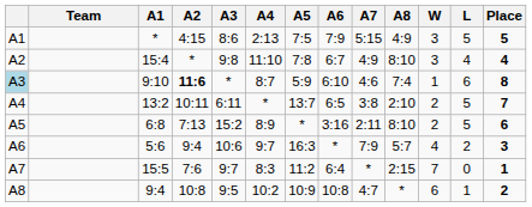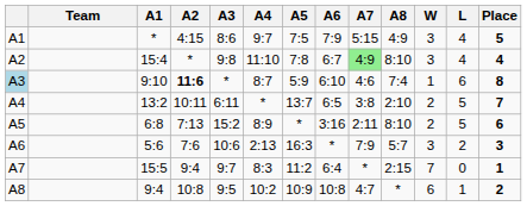 <table class="wikitable" style="text-align:center;">
 <tr>
 <th></th>
 <th width="120">Team</th>
 <th width="25">A1</th>
 <th width="25">A2</th>
 <th width="25">A3</th>
 <th width="25">A4</th>
 <th width="25">A5</th>
 <th width="25">A6</th>
 <th width="25">A7</th>
 <th width="25">A8</th>
 <th width="30">W</th>
 <th width="30">L</th>
 <th>Place</th>
 </tr>
 <tr>
 <td>A1</td>
 <td align="left"></td>
 <td>*</td>
 <td>4:15</td>
 <td>8:6</td>
-<td>2:13</td>
+<td>9:7</td>
 <td>7:5</td>
 <td>7:9</td>
 <td>5:15</td>
 <td>4:9</td>
 <td>3</td>
-<td>5</td>
+<td>4</td>
 <td><strong>5</strong></td>
 </tr>
 <tr>
 <td>A2</td>
 <td align="left"></td>
 <td>15:4</td>
 <td>*</td>
 <td>9:8</td>
 <td>11:10</td>
 <td>7:8</td>
 <td>6:7</td>
-<td>4:9</td>
+<td style="background: lightgreen;">4:9</td>
 <td>8:10</td>
 <td>3</td>
 <td>4</td>
 <td><strong>4</strong></td>
 </tr>
 <tr>
 <td style="background: lightblue;">A3</td>
 <td align="left"></td>
 <td>9:10</td>
 <td><strong>11:6</strong></td>
 <td>*</td>
 <td>8:7</td>
 <td>5:9</td>
 <td>6:10</td>
 <td>4:6</td>
 <td>7:4</td>
 <td>1</td>
 <td>6</td>
 <td><strong>8</strong></td>
 </tr>
 <tr>
 <td>A4</td>
 <td align="left"></td>
 <td>13:2</td>
 <td>10:11</td>
 <td>6:11</td>
 <td>*</td>
 <td>13:7</td>
 <td>6:5</td>
 <td>3:8</td>
 <td>2:10</td>
 <td>2</td>
 <td>5</td>
 <td><strong>7</strong></td>
 </tr>
 <tr>
 <td>A5</td>
 <td align="left"></td>
 <td>6:8</td>
 <td>7:13</td>
 <td>15:2</td>
 <td>8:9</td>
 <td>*</td>
 <td>3:16</td>
 <td>2:11</td>
 <td>8:10</td>
 <td>2</td>
 <td>5</td>
 <td><strong>6</strong></td>
 </tr>
 <tr>
 <td>A6</td>
 <td align="left"></td>
 <td>5:6</td>
-<td>9:4</td>
+<td>7:6</td>
 <td>10:6</td>
-<td>9:7</td>
+<td>2:13</td>
 <td>16:3</td>
 <td>*</td>
 <td>7:9</td>
 <td>5:7</td>
-<td>4</td>
+<td>3</td>
 <td>2</td>
 <td><strong>3</strong></td>
 </tr>
 <tr>
 <td>A7</td>
 <td align="left"></td>
 <td>15:5</td>
-<td>7:6</td>
+<td>9:4</td>
 <td>9:7</td>
 <td>8:3</td>
 <td>11:2</td>
 <td>6:4</td>
 <td>*</td>
 <td>2:15</td>
 <td>7</td>
 <td>0</td>
 <td><strong>1</strong></td>
 </tr>
 <tr>
 <td>A8</td>
 <td align="left"></td>
 <td>9:4</td>
 <td>10:8</td>
 <td>9:5</td>
 <td>10:2</td>
 <td>10:9</td>
 <td>10:8</td>
 <td>4:7</td>
 <td>*</td>
 <td>6</td>
 <td>1</td>
 <td><strong>2</strong></td>
 </tr>
 </table>
